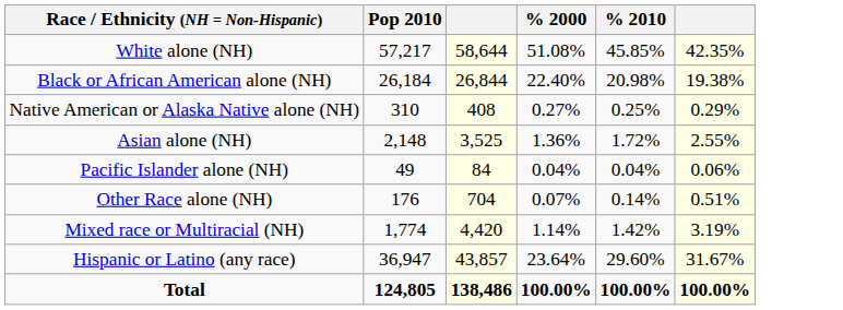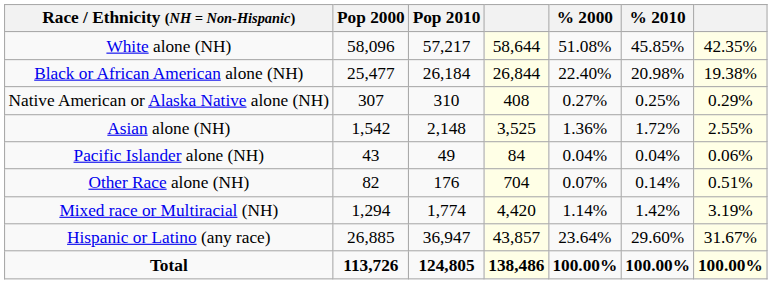 <table class="wikitable" style="text-align:center;">
 <tr>
 <th>Race / Ethnicity <small>(<em>NH = Non-Hispanic</em>)</small></th>
+<th>Pop 2000</th>
 <th>Pop 2010</th>
 <th></th>
 <th>% 2000</th>
 <th>% 2010</th>
 <th></th>
 </tr>
 <tr>
 <td><a href='#'>White</a> alone (NH)</td>
+<td>58,096</td>
 <td>57,217</td>
 <td style='background: #ffffe6;'>58,644</td>
 <td>51.08%</td>
 <td>45.85%</td>
 <td style='background: #ffffe6;'>42.35%</td>
 </tr>
 <tr>
 <td><a href='#'>Black or African American</a> alone (NH)</td>
+<td>25,477</td>
 <td>26,184</td>
 <td style='background: #ffffe6;'>26,844</td>
 <td>22.40%</td>
 <td>20.98%</td>
 <td style='background: #ffffe6;'>19.38%</td>
 </tr>
 <tr>
 <td>Native American or <a href='#'>Alaska Native</a> alone (NH)</td>
+<td>307</td>
 <td>310</td>
 <td style='background: #ffffe6;'>408</td>
 <td>0.27%</td>
 <td>0.25%</td>
 <td style='background: #ffffe6;'>0.29%</td>
 </tr>
 <tr>
 <td><a href='#'>Asian</a> alone (NH)</td>
+<td>1,542</td>
 <td>2,148</td>
 <td style='background: #ffffe6;'>3,525</td>
 <td>1.36%</td>
 <td>1.72%</td>
 <td style='background: #ffffe6;'>2.55%</td>
 </tr>
 <tr>
 <td><a href='#'>Pacific Islander</a> alone (NH)</td>
+<td>43</td>
 <td>49</td>
 <td style='background: #ffffe6;'>84</td>
 <td>0.04%</td>
 <td>0.04%</td>
 <td style='background: #ffffe6;'>0.06%</td>
 </tr>
 <tr>
 <td><a href='#'>Other Race</a> alone (NH)</td>
+<td>82</td>
 <td>176</td>
 <td style='background: #ffffe6;'>704</td>
 <td>0.07%</td>
 <td>0.14%</td>
 <td style='background: #ffffe6;'>0.51%</td>
 </tr>
 <tr>
 <td><a href='#'>Mixed race or Multiracial</a> (NH)</td>
+<td>1,294</td>
 <td>1,774</td>
 <td style='background: #ffffe6;'>4,420</td>
 <td>1.14%</td>
 <td>1.42%</td>
 <td style='background: #ffffe6;'>3.19%</td>
 </tr>
 <tr>
 <td><a href='#'>Hispanic or Latino</a> (any race)</td>
+<td>26,885</td>
 <td>36,947</td>
 <td style='background: #ffffe6;'>43,857</td>
 <td>23.64%</td>
 <td>29.60%</td>
 <td style='background: #ffffe6;'>31.67%</td>
 </tr>
 <tr>
 <td><strong>Total</strong></td>
+<td><strong>113,726</strong></td>
 <td><strong>124,805</strong></td>
 <td style='background: #ffffe6;'><strong>138,486</strong></td>
 <td><strong>100.00%</strong></td>
 <td><strong>100.00%</strong></td>
 <td style='background: #ffffe6;'><strong>100.00%</strong></td>
 </tr>
 </table>
